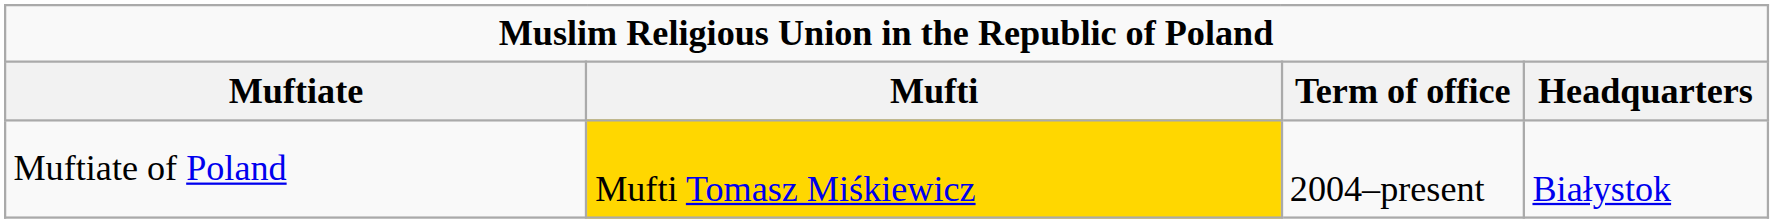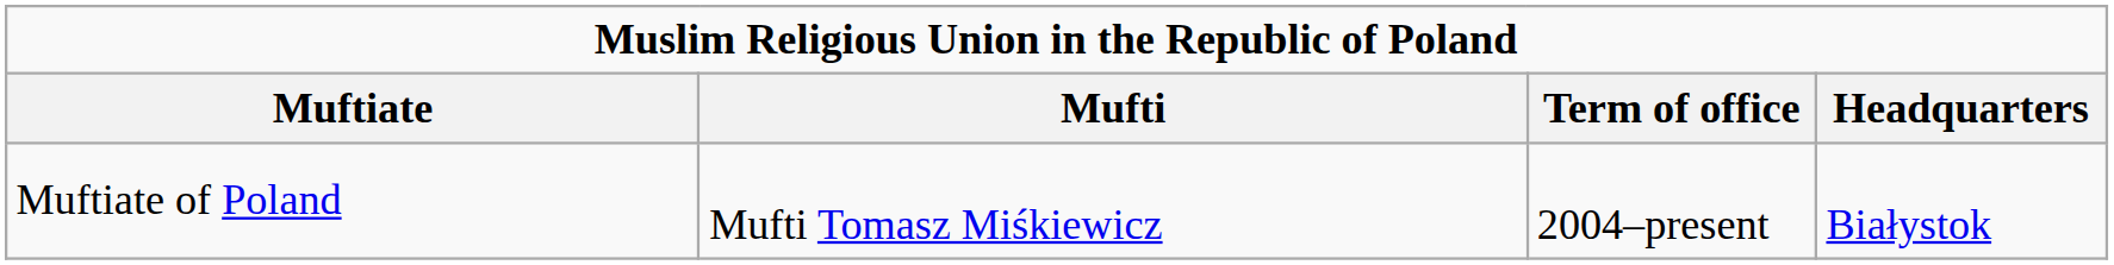 <table class=wikitable>
 <tr>
 <td colspan=4 align=center><strong>Muslim Religious Union in the Republic of Poland</strong></td>
 </tr>
 <tr>
 <th scope="row" width="250">Muftiate</th>
 <th scope="row" width="300">Mufti</th>
 <th scope="row" width="100">Term of office</th>
 <th scope="row" width="100">Headquarters</th>
 </tr>
 <tr>
 <td>Muftiate of <a href='#'>Poland</a></td>
-<td style="background: gold;"><br>Mufti <a href='#'>Tomasz Miśkiewicz</a></td>
+<td><br>Mufti <a href='#'>Tomasz Miśkiewicz</a></td>
 <td><br>2004–present</td>
 <td><br><a href='#'>Białystok</a></td>
 </tr>
 </table>
